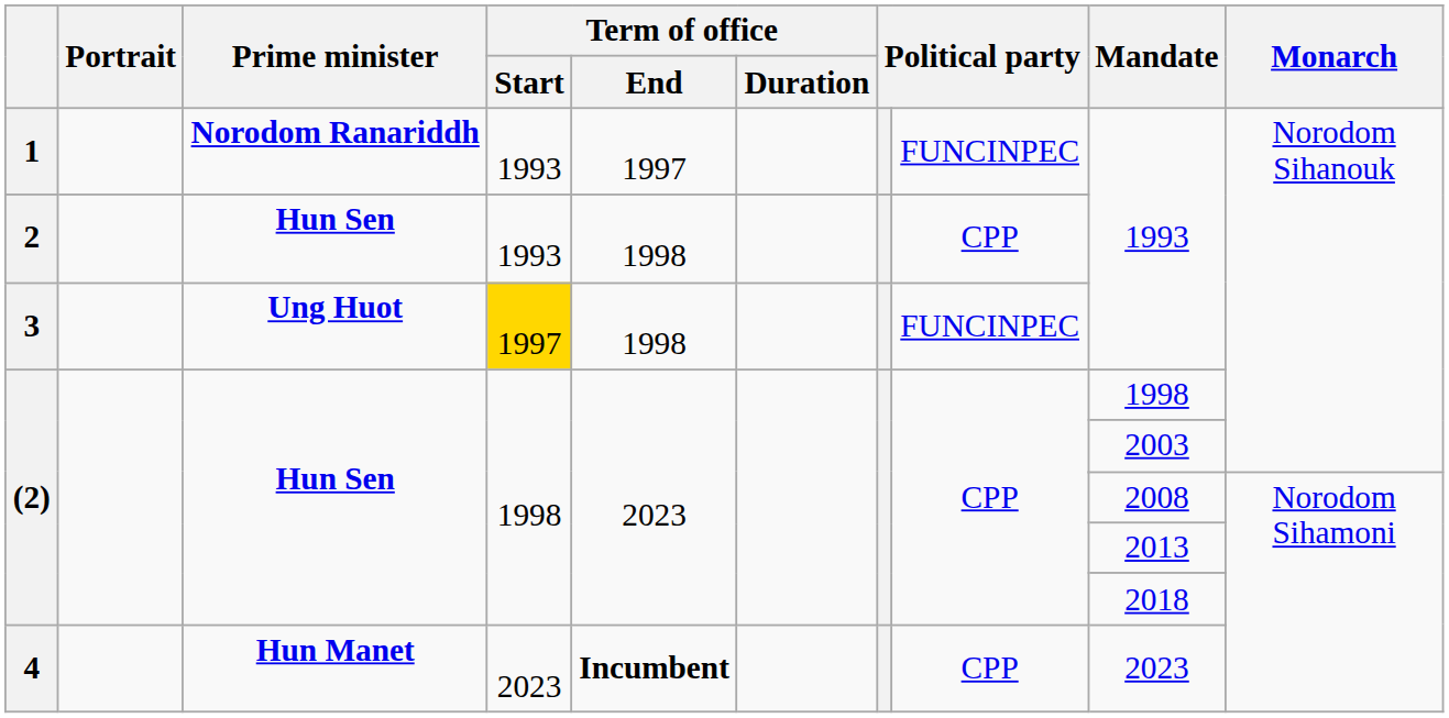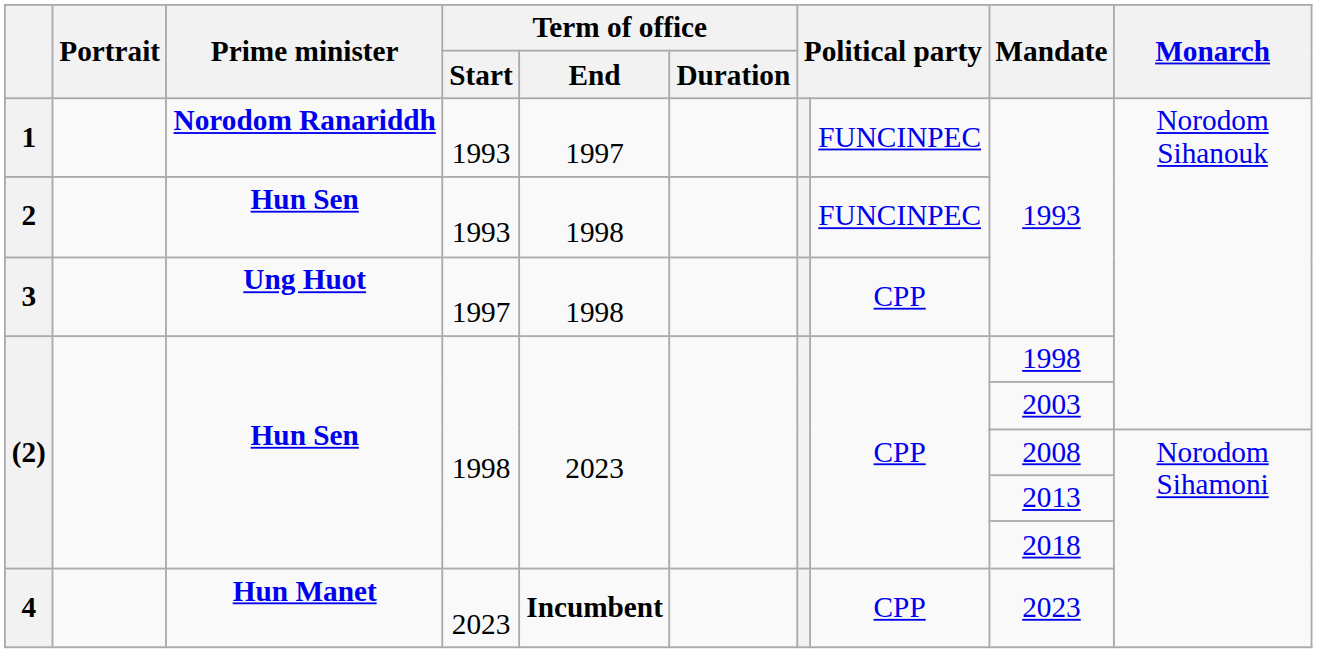 <table class="wikitable" style="text-align:center">
 <tr>
 <th rowspan=2></th>
 <th rowspan=2>Portrait</th>
 <th rowspan=2>Prime minister</th>
 <th colspan=3>Term of office</th>
 <th colspan=2 rowspan=2>Political party</th>
 <th rowspan=2>Mandate</th>
 <th rowspan=2 width="100"><a href='#'>Monarch</a></th>
 </tr>
 <tr>
 <th>Start</th>
 <th>End</th>
 <th>Duration</th>
 </tr>
 <tr>
 <th>1</th>
 <td></td>
 <td><strong><a href='#'>Norodom Ranariddh</a></strong><br><br></td>
 <td><br>1993</td>
 <td><br>1997</td>
 <td></td>
 <th style="background:"></th>
 <td><a href='#'>FUNCINPEC</a></td>
 <td rowspan="3"><a href='#'>1993</a></td>
 <td rowspan="6" style="vertical-align: top;"><a href='#'>Norodom Sihanouk</a><br><br></td>
 </tr>
 <tr>
 <th>2</th>
 <td></td>
 <td><strong><a href='#'>Hun Sen</a></strong><br><br></td>
 <td><br>1993</td>
 <td><br> 1998</td>
 <td></td>
 <th style="background:"></th>
-<td><a href='#'>CPP</a></td>
+<td><a href='#'>FUNCINPEC</a></td>
 </tr>
 <tr>
 <th>3</th>
 <td></td>
 <td><strong><a href='#'>Ung Huot</a></strong><br><br></td>
-<td style="background: gold;"><br>1997</td>
+<td><br>1997</td>
 <td><br>1998</td>
 <td></td>
 <th style="background:"></th>
-<td><a href='#'>FUNCINPEC</a></td>
+<td><a href='#'>CPP</a></td>
 </tr>
 <tr>
 <th rowspan="6">(2)</th>
 <td rowspan="6"></td>
 <td rowspan="6"><strong><a href='#'>Hun Sen</a></strong><br><br></td>
 <td rowspan="6"><br>1998</td>
 <td rowspan="6"><br>2023</td>
 <td rowspan="6"></td>
 <th rowspan="6" style="background:"></th>
 <td rowspan="6"><a href='#'>CPP</a></td>
 <td><a href='#'>1998</a></td>
 </tr>
 <tr>
 <td><a href='#'>2003</a></td>
 </tr>
 <tr>
 <td rowspan="2"><a href='#'>2008</a></td>
 </tr>
 <tr>
 <td rowspan="4" style="vertical-align: top;"><a href='#'>Norodom Sihamoni</a><br><br></td>
 </tr>
 <tr>
 <td><a href='#'>2013</a></td>
 </tr>
 <tr>
 <td><a href='#'>2018</a></td>
 </tr>
 <tr>
 <th>4</th>
 <td></td>
 <td><strong><a href='#'>Hun Manet</a></strong><br><br></td>
 <td><br>2023</td>
 <td><strong>Incumbent</strong></td>
 <td></td>
 <th style="background:"></th>
 <td><a href='#'>CPP</a></td>
 <td><a href='#'>2023</a></td>
 </tr>
 </table>
